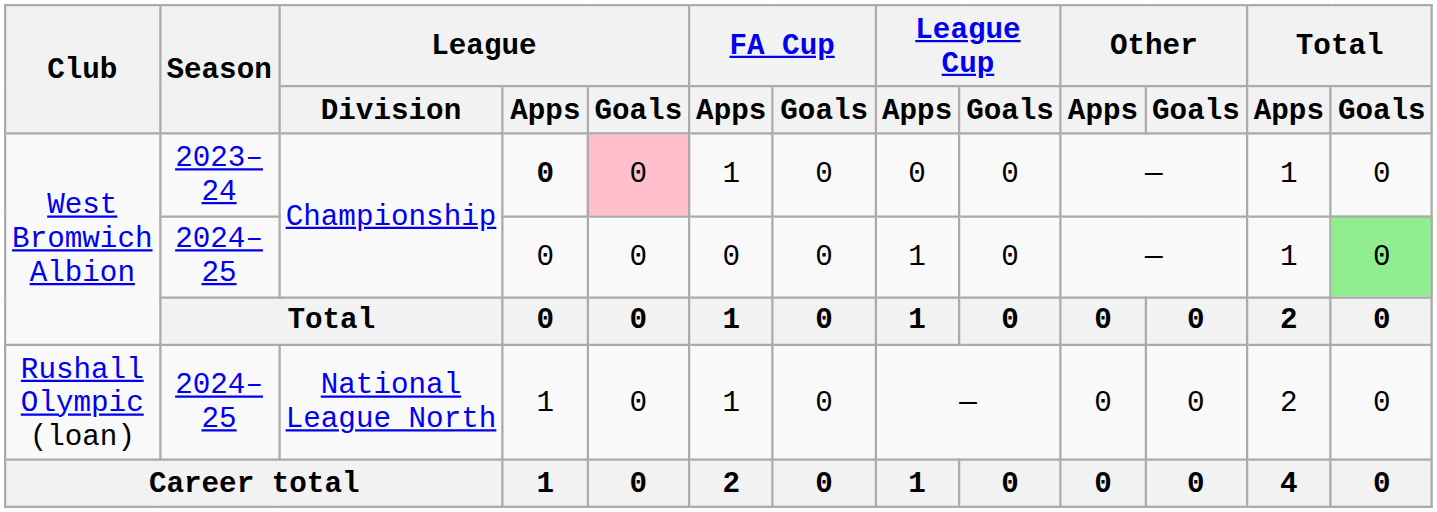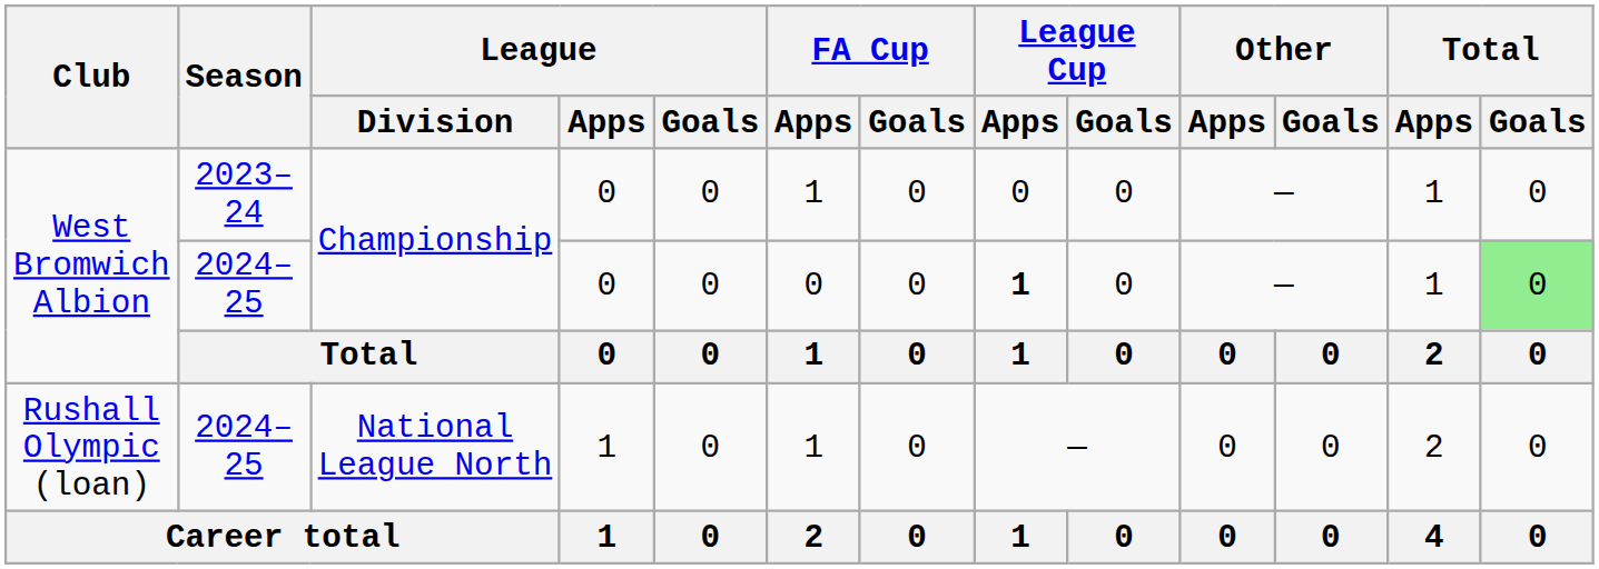 <table class="wikitable" style="text-align: center">
 <tr>
 <th rowspan="2">Club</th>
 <th rowspan="2">Season</th>
 <th colspan="3">League</th>
 <th colspan="2"><a href='#'>FA Cup</a></th>
 <th colspan="2"><a href='#'>League Cup</a></th>
 <th colspan="2">Other</th>
 <th colspan="2">Total</th>
 </tr>
 <tr>
 <th>Division</th>
 <th>Apps</th>
 <th>Goals</th>
 <th>Apps</th>
 <th>Goals</th>
 <th>Apps</th>
 <th>Goals</th>
 <th>Apps</th>
 <th>Goals</th>
 <th>Apps</th>
 <th>Goals</th>
 </tr>
 <tr>
 <td rowspan="3"><a href='#'>West Bromwich Albion</a></td>
 <td><a href='#'>2023–24</a></td>
 <td rowspan="2"><a href='#'>Championship</a></td>
-<td><strong>0</strong></td>
-<td style="background: pink;">0</td>
+<td>0</td>
+<td>0</td>
 <td>1</td>
 <td>0</td>
 <td>0</td>
 <td>0</td>
 <td colspan=2>—</td>
 <td>1</td>
 <td>0</td>
 </tr>
 <tr>
 <td><a href='#'>2024–25</a></td>
 <td>0</td>
 <td>0</td>
 <td>0</td>
 <td>0</td>
-<td>1</td>
+<td><strong>1</strong></td>
 <td>0</td>
 <td colspan=2>—</td>
 <td>1</td>
 <td style="background: lightgreen;">0</td>
 </tr>
 <tr>
 <th colspan="2">Total</th>
 <th>0</th>
 <th>0</th>
 <th>1</th>
 <th>0</th>
 <th>1</th>
 <th>0</th>
 <th>0</th>
 <th>0</th>
 <th>2</th>
 <th>0</th>
 </tr>
 <tr>
 <td><a href='#'>Rushall Olympic</a> (loan)</td>
 <td><a href='#'>2024–25</a></td>
 <td><a href='#'>National League North</a></td>
 <td>1</td>
 <td>0</td>
 <td>1</td>
 <td>0</td>
 <td colspan="2">—</td>
 <td>0</td>
 <td>0</td>
 <td>2</td>
 <td>0</td>
 </tr>
 <tr>
 <th colspan="3">Career total</th>
 <th>1</th>
 <th>0</th>
 <th>2</th>
 <th>0</th>
 <th>1</th>
 <th>0</th>
 <th>0</th>
 <th>0</th>
 <th>4</th>
 <th>0</th>
 </tr>
 </table>
